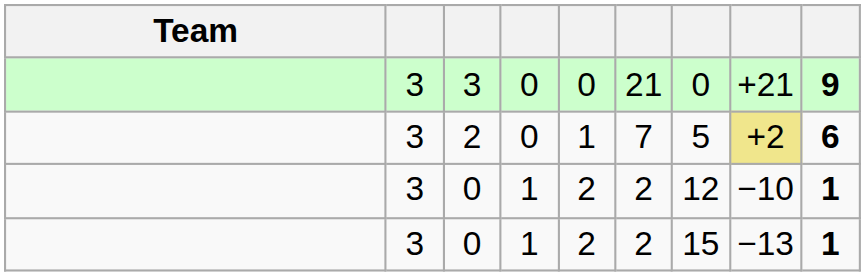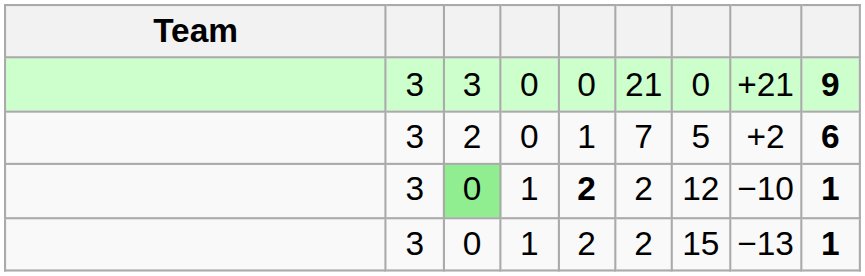 <table class="wikitable" style="text-align: center;">
 <tr>
 <th width="175">Team</th>
 <th width="20"></th>
 <th width="20"></th>
 <th width="20"></th>
 <th width="20"></th>
 <th width="20"></th>
 <th width="20"></th>
 <th width="20"></th>
 <th width="20"></th>
 </tr>
 <tr bgcolor=ccffcc>
 <td align=left></td>
 <td>3</td>
 <td>3</td>
 <td>0</td>
 <td>0</td>
 <td>21</td>
 <td>0</td>
 <td>+21</td>
 <td><strong>9</strong></td>
 </tr>
 <tr>
 <td align=left><em></em></td>
 <td>3</td>
 <td>2</td>
 <td>0</td>
 <td>1</td>
 <td>7</td>
 <td>5</td>
-<td style="background: khaki;">+2</td>
+<td>+2</td>
 <td><strong>6</strong></td>
 </tr>
 <tr>
 <td align=left></td>
 <td>3</td>
-<td>0</td>
+<td style="background: lightgreen;">0</td>
 <td>1</td>
-<td>2</td>
+<td><strong>2</strong></td>
 <td>2</td>
 <td>12</td>
 <td>−10</td>
 <td><strong>1</strong></td>
 </tr>
 <tr>
 <td align=left></td>
 <td>3</td>
 <td>0</td>
 <td>1</td>
 <td>2</td>
 <td>2</td>
 <td>15</td>
 <td>−13</td>
 <td><strong>1</strong></td>
 </tr>
 </table>
